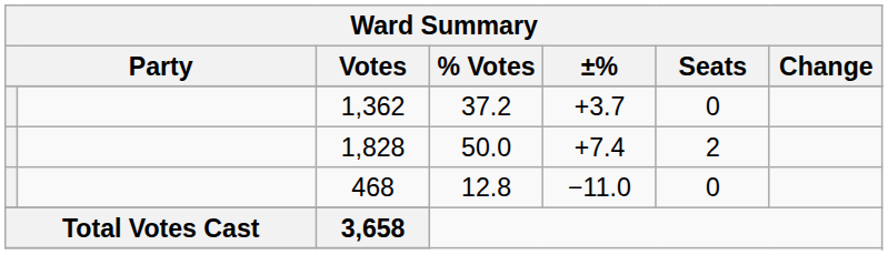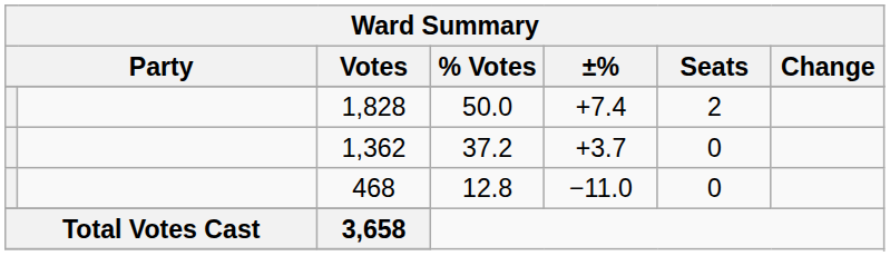 <table class="wikitable" style="font-size: 95%;">
 <tr style="background-color:#E9E9E9">
 <th colspan="7">Ward Summary</th>
 </tr>
 <tr style="background-color:#E9E9E9">
 <th colspan="2">Party</th>
 <th style="width: 60px">Votes</th>
 <th style="width: 60px">% Votes</th>
 <th style="width: 60px">±%</th>
 <th style="width: 60px">Seats</th>
 <th style="width: 60px">Change</th>
 </tr>
 <tr>
 </tr>
 <tr>
 <th style="background-color: "></th>
 <td style="width: 170px"><a href='#'></a></td>
-<td align="center">1,362</td>
-<td align="center">37.2</td>
-<td align="center">+3.7</td>
-<td align="center">0</td>
+<td align="center">1,828</td>
+<td align="center">50.0</td>
+<td align="center">+7.4</td>
+<td align="center">2</td>
 <td align="center"></td>
 </tr>
 <tr>
 <th style="background-color: "></th>
 <td style="width: 170px"><a href='#'></a></td>
-<td align="center">1,828</td>
-<td align="center">50.0</td>
-<td align="center">+7.4</td>
-<td align="center">2</td>
+<td align="center">1,362</td>
+<td align="center">37.2</td>
+<td align="center">+3.7</td>
+<td align="center">0</td>
 <td align="center"></td>
 </tr>
 <tr>
 <th style="background-color: "></th>
 <td style="width: 170px"><a href='#'></a></td>
 <td align="center">468</td>
 <td align="center">12.8</td>
 <td align="center">−11.0</td>
 <td align="center">0</td>
 <td align="center"></td>
 </tr>
 <tr>
 </tr>
 <tr style="background-color:#E9E9E9">
 <th colspan="2">Total Votes Cast</th>
 <th style="width: 60px">3,658</th>
 </tr>
 <tr style="background-color:#E9E9E9">
 </tr>
 </table>
